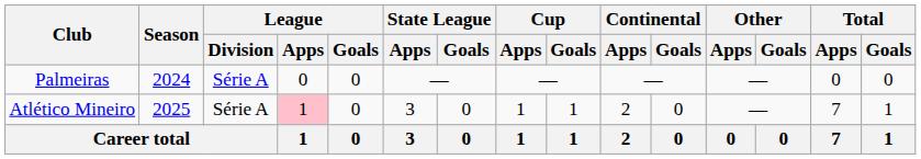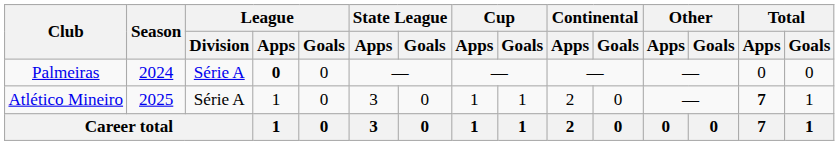 <table class="wikitable" style="text-align: center;">
 <tr>
 <th rowspan="2">Club</th>
 <th rowspan="2">Season</th>
 <th colspan="3">League</th>
 <th colspan="2">State League</th>
 <th colspan="2">Cup</th>
 <th colspan="2">Continental</th>
 <th colspan="2">Other</th>
 <th colspan="2">Total</th>
 </tr>
 <tr>
 <th>Division</th>
 <th>Apps</th>
 <th>Goals</th>
 <th>Apps</th>
 <th>Goals</th>
 <th>Apps</th>
 <th>Goals</th>
 <th>Apps</th>
 <th>Goals</th>
 <th>Apps</th>
 <th>Goals</th>
 <th>Apps</th>
 <th>Goals</th>
 </tr>
 <tr>
 <td valign="center"><a href='#'>Palmeiras</a></td>
 <td><a href='#'>2024</a></td>
 <td><a href='#'>Série A</a></td>
-<td>0</td>
+<td><strong>0</strong></td>
 <td>0</td>
 <td colspan="2">—</td>
 <td colspan="2">—</td>
 <td colspan="2">—</td>
 <td colspan="2">—</td>
 <td>0</td>
 <td>0</td>
 </tr>
 <tr>
 <td valign="center"><a href='#'>Atlético Mineiro</a></td>
 <td><a href='#'>2025</a></td>
 <td>Série A</td>
-<td style="background: pink;">1</td>
+<td>1</td>
 <td>0</td>
 <td>3</td>
 <td>0</td>
 <td>1</td>
 <td>1</td>
 <td>2</td>
 <td>0</td>
 <td colspan="2">—</td>
-<td>7</td>
+<td><strong>7</strong></td>
 <td>1</td>
 </tr>
 <tr>
 <th colspan="3"><strong>Career total</strong></th>
 <th>1</th>
 <th>0</th>
 <th>3</th>
 <th>0</th>
 <th>1</th>
 <th>1</th>
 <th>2</th>
 <th>0</th>
 <th>0</th>
 <th>0</th>
 <th>7</th>
 <th>1</th>
 </tr>
 </table>
